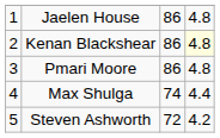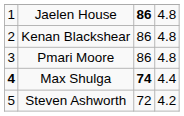 <table class="wikitable sortable" style="text-align:center">
 <tr>
 </tr>
 <tr>
 <td>1</td>
 <td>Jaelen House</td>
-<td>86</td>
+<td><strong>86</strong></td>
 <td>4.8</td>
 </tr>
 <tr>
 <td>2</td>
 <td>Kenan Blackshear</td>
 <td>86</td>
-<td style="background: lightyellow;">4.8</td>
+<td>4.8</td>
 </tr>
 <tr>
 <td>3</td>
 <td>Pmari Moore</td>
 <td>86</td>
 <td>4.8</td>
 </tr>
 <tr>
-<td>4</td>
+<td><strong>4</strong></td>
 <td>Max Shulga</td>
-<td>74</td>
+<td><strong>74</strong></td>
 <td>4.4</td>
 </tr>
 <tr>
 <td>5</td>
 <td>Steven Ashworth</td>
 <td>72</td>
 <td>4.2</td>
 </tr>
 </table>
